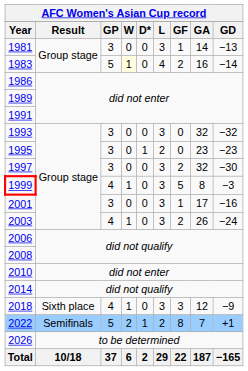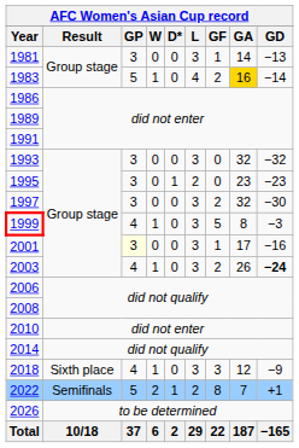 <table class="wikitable" style="text-align: center; font-size:95%;">
 <tr>
 <th colspan="10"><a href='#'>AFC Women's Asian Cup record</a></th>
 </tr>
 <tr>
 </tr>
 <tr>
 <th>Year</th>
 <th>Result</th>
 <th>GP</th>
 <th>W</th>
 <th>D*</th>
 <th>L</th>
 <th>GF</th>
 <th>GA</th>
 <th>GD</th>
 </tr>
 <tr>
 <td> <a href='#'>1981</a></td>
 <td rowspan=2>Group stage</td>
 <td>3</td>
 <td>0</td>
 <td>0</td>
 <td>3</td>
 <td>1</td>
 <td>14</td>
 <td>−13</td>
 </tr>
 <tr>
 <td> <a href='#'>1983</a></td>
 <td>5</td>
-<td style="background: lightyellow;">1</td>
+<td>1</td>
 <td>0</td>
 <td>4</td>
 <td>2</td>
-<td>16</td>
+<td style="background: gold;">16</td>
 <td>−14</td>
 </tr>
 <tr>
 <td> <a href='#'>1986</a></td>
 <td rowspan=3 colspan=8><em>did not enter</em></td>
 </tr>
 <tr>
 <td> <a href='#'>1989</a></td>
 </tr>
 <tr>
 <td> <a href='#'>1991</a></td>
 </tr>
 <tr>
 <td> <a href='#'>1993</a></td>
 <td rowspan=6>Group stage</td>
 <td>3</td>
 <td>0</td>
 <td>0</td>
 <td>3</td>
 <td>0</td>
 <td>32</td>
 <td>−32</td>
 </tr>
 <tr>
 <td> <a href='#'>1995</a></td>
 <td>3</td>
 <td>0</td>
 <td>1</td>
 <td>2</td>
 <td>0</td>
 <td>23</td>
 <td>−23</td>
 </tr>
 <tr>
 <td> <a href='#'>1997</a></td>
 <td>3</td>
 <td>0</td>
 <td>0</td>
 <td>3</td>
 <td>2</td>
 <td>32</td>
 <td>−30</td>
 </tr>
 <tr>
 <td style="border: 3px solid red"> <a href='#'>1999</a></td>
 <td>4</td>
 <td>1</td>
 <td>0</td>
 <td>3</td>
 <td>5</td>
 <td>8</td>
 <td>−3</td>
 </tr>
 <tr>
 <td> <a href='#'>2001</a></td>
-<td>3</td>
+<td style="background: lightyellow;">3</td>
 <td>0</td>
 <td>0</td>
 <td>3</td>
 <td>1</td>
 <td>17</td>
 <td>−16</td>
 </tr>
 <tr>
 <td> <a href='#'>2003</a></td>
 <td>4</td>
 <td>1</td>
 <td>0</td>
 <td>3</td>
 <td>2</td>
 <td>26</td>
-<td>−24</td>
+<td><strong>−24</strong></td>
 </tr>
 <tr>
 <td> <a href='#'>2006</a></td>
 <td rowspan=2 colspan=8><em>did not qualify</em></td>
 </tr>
 <tr>
 <td> <a href='#'>2008</a></td>
 </tr>
 <tr>
 <td> <a href='#'>2010</a></td>
 <td colspan=8><em>did not enter</em></td>
 </tr>
 <tr>
 <td> <a href='#'>2014</a></td>
 <td colspan=8><em>did not qualify</em></td>
 </tr>
 <tr>
 <td> <a href='#'>2018</a></td>
 <td>Sixth place</td>
 <td>4</td>
 <td>1</td>
 <td>0</td>
 <td>3</td>
 <td>3</td>
 <td>12</td>
 <td>−9</td>
 </tr>
 <tr style="background:#9acdff;">
 <td> <a href='#'>2022</a></td>
 <td>Semifinals</td>
 <td>5</td>
 <td>2</td>
 <td>1</td>
 <td>2</td>
 <td>8</td>
 <td>7</td>
 <td>+1</td>
 </tr>
 <tr>
 <td> <a href='#'>2026</a></td>
 <td colspan=8><em>to be determined</em></td>
 </tr>
 <tr>
 <th><strong>Total</strong></th>
 <th>10/18</th>
 <th>37</th>
 <th>6</th>
 <th>2</th>
 <th>29</th>
 <th>22</th>
 <th>187</th>
 <th>−165</th>
 </tr>
 </table>
